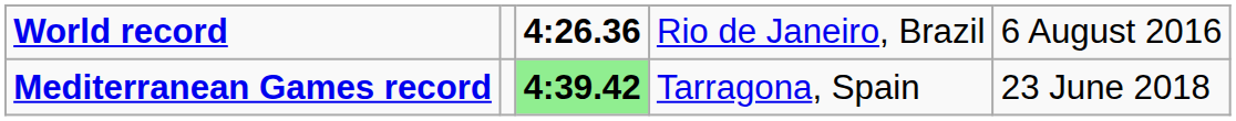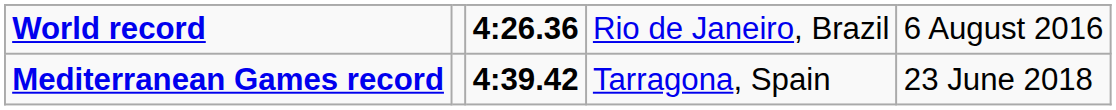 <table class="wikitable">
 <tr>
 <td><strong><a href='#'>World record</a></strong></td>
 <td></td>
 <td><strong>4:26.36</strong></td>
 <td><a href='#'>Rio de Janeiro</a>, Brazil</td>
 <td>6 August 2016</td>
 </tr>
 <tr>
 <td><strong><a href='#'>Mediterranean Games record</a></strong></td>
 <td></td>
-<td style="background: lightgreen;"><strong>4:39.42</strong></td>
+<td><strong>4:39.42</strong></td>
 <td><a href='#'>Tarragona</a>, Spain</td>
 <td>23 June 2018</td>
 </tr>
 </table>
